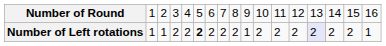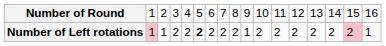 <table class="wikitable">
 <tr>
 <th>Number of Round</th>
 <td>1</td>
 <td>2</td>
 <td>3</td>
 <td>4</td>
 <td>5</td>
 <td>6</td>
 <td>7</td>
 <td>8</td>
 <td>9</td>
 <td>10</td>
 <td>11</td>
 <td>12</td>
 <td>13</td>
 <td>14</td>
 <td>15</td>
 <td>16</td>
 </tr>
 <tr>
 <th>Number of Left rotations</th>
-<td>1</td>
+<td style="background: pink;">1</td>
 <td>1</td>
 <td>2</td>
 <td>2</td>
 <td><strong>2</strong></td>
 <td>2</td>
 <td>2</td>
 <td>2</td>
 <td>1</td>
 <td>2</td>
 <td>2</td>
 <td>2</td>
-<td style="background: lavender;">2</td>
 <td>2</td>
 <td>2</td>
+<td style="background: pink;">2</td>
 <td>1</td>
 </tr>
 </table>
